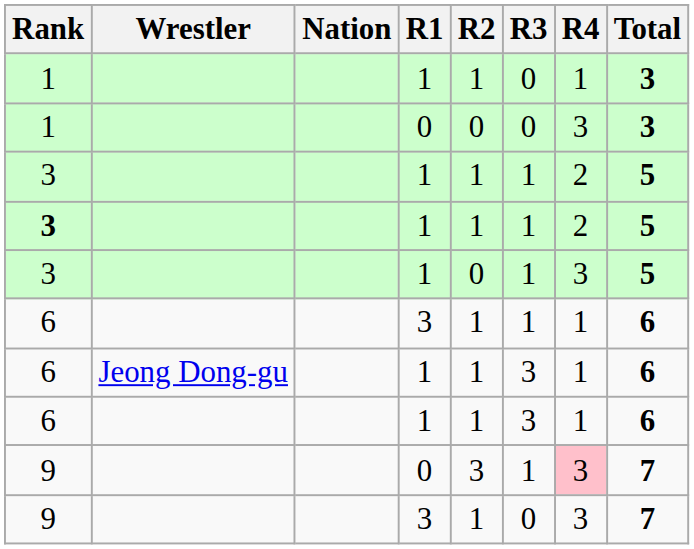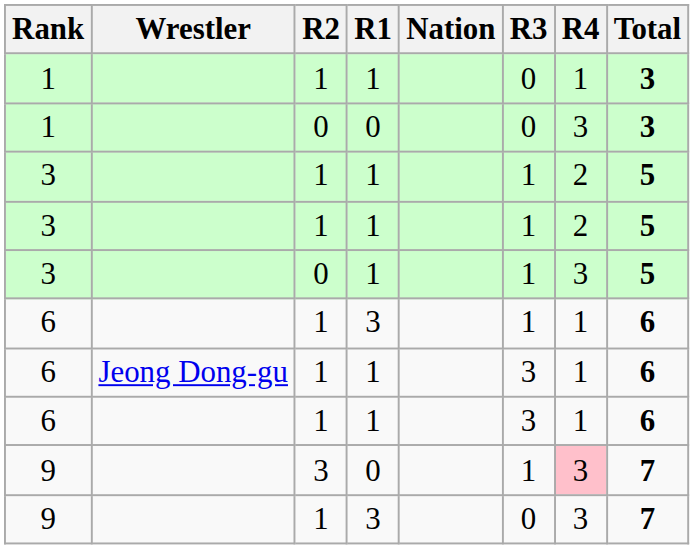 <table class="wikitable sortable" style="text-align:center;">
 <tr>
 <th>Rank</th>
 <th>Wrestler</th>
+<th>R2</th>
+<th>R1</th>
 <th>Nation</th>
-<th>R1</th>
-<th>R2</th>
 <th>R3</th>
 <th>R4</th>
 <th>Total</th>
 </tr>
 <tr style="background:#cfc;">
 <td>1</td>
 <td align=left></td>
-<td align=left></td>
 <td>1</td>
 <td>1</td>
+<td align=left></td>
 <td>0</td>
 <td>1</td>
 <td><strong>3</strong></td>
 </tr>
 <tr style="background:#cfc;">
 <td>1</td>
 <td align=left></td>
-<td align=left></td>
 <td>0</td>
 <td>0</td>
+<td align=left></td>
 <td>0</td>
 <td>3</td>
 <td><strong>3</strong></td>
 </tr>
 <tr style="background:#cfc;">
 <td>3</td>
 <td align=left></td>
-<td align=left></td>
 <td>1</td>
 <td>1</td>
-<td>1</td>
-<td>2</td>
-<td><strong>5</strong></td>
-</tr>
-<tr style="background:#cfc;">
-<td><strong>3</strong></td>
 <td align=left></td>
-<td align=left></td>
-<td>1</td>
-<td>1</td>
 <td>1</td>
 <td>2</td>
 <td><strong>5</strong></td>
 </tr>
 <tr style="background:#cfc;">
 <td>3</td>
 <td align=left></td>
+<td>1</td>
+<td>1</td>
 <td align=left></td>
 <td>1</td>
+<td>2</td>
+<td><strong>5</strong></td>
+</tr>
+<tr style="background:#cfc;">
+<td>3</td>
+<td align=left></td>
 <td>0</td>
+<td>1</td>
+<td align=left></td>
 <td>1</td>
 <td>3</td>
 <td><strong>5</strong></td>
 </tr>
 <tr>
 <td>6</td>
 <td align=left></td>
+<td>1</td>
+<td>3</td>
 <td align=left></td>
-<td>3</td>
-<td>1</td>
 <td>1</td>
 <td>1</td>
 <td><strong>6</strong></td>
 </tr>
 <tr>
 <td>6</td>
 <td align=left><a href='#'>Jeong Dong-gu</a></td>
-<td align=left></td>
 <td>1</td>
 <td>1</td>
+<td align=left></td>
 <td>3</td>
 <td>1</td>
 <td><strong>6</strong></td>
 </tr>
 <tr>
 <td>6</td>
 <td align=left></td>
-<td align=left></td>
 <td>1</td>
 <td>1</td>
+<td align=left></td>
 <td>3</td>
 <td>1</td>
 <td><strong>6</strong></td>
 </tr>
 <tr>
 <td>9</td>
 <td align=left></td>
+<td>3</td>
+<td>0</td>
 <td align=left></td>
-<td>0</td>
-<td>3</td>
 <td>1</td>
 <td style="background: pink;">3</td>
 <td><strong>7</strong></td>
 </tr>
 <tr>
 <td>9</td>
 <td align=left></td>
+<td>1</td>
+<td>3</td>
 <td align=left></td>
-<td>3</td>
-<td>1</td>
 <td>0</td>
 <td>3</td>
 <td><strong>7</strong></td>
 </tr>
 </table>
